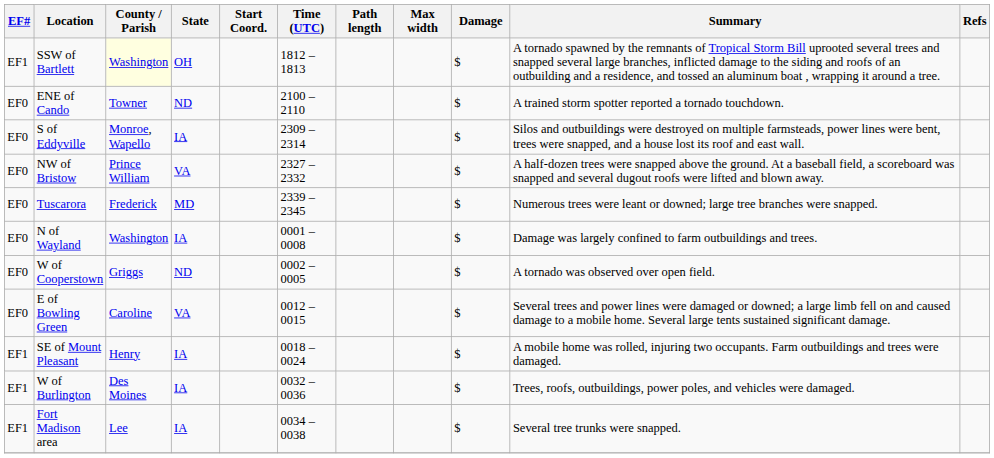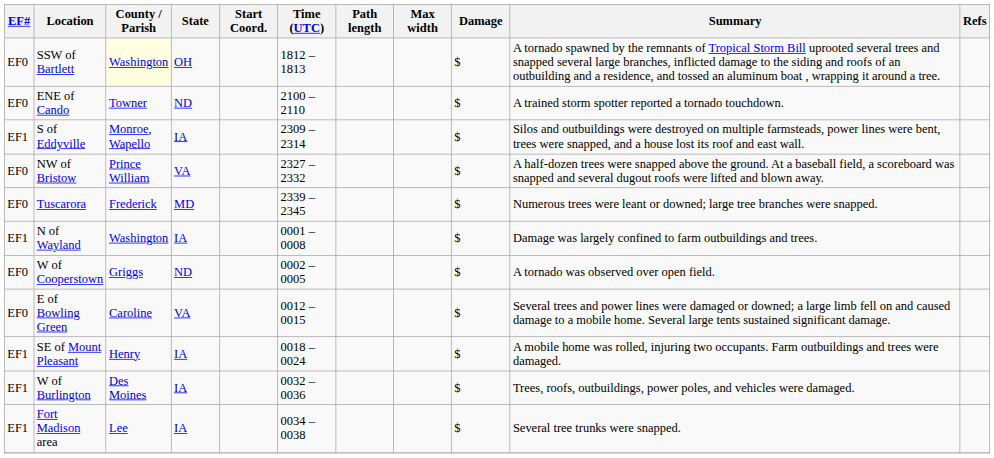 <table class="wikitable sortable" style="width:100%;">
 <tr>
 <th scope="col" width="3%" align="center"><a href='#'>EF#</a></th>
 <th scope="col" width="7%" align="center" class="unsortable">Location</th>
 <th scope="col" width="6%" align="center" class="unsortable">County / Parish</th>
 <th scope="col" width="5%" align="center">State</th>
 <th scope="col" width="6%" align="center">Start Coord.</th>
 <th scope="col" width="6%" align="center">Time (<a href='#'>UTC</a>)</th>
 <th scope="col" width="6%" align="center">Path length</th>
 <th scope="col" width="6%" align="center">Max width</th>
 <th scope="col" width="6%" align="center">Damage</th>
 <th scope="col" width="48%" class="unsortable" align="center">Summary</th>
 <th scope="col" width="48%" class="unsortable" align="center">Refs</th>
 </tr>
 <tr>
-<td>EF1</td>
+<td>EF0</td>
 <td>SSW of <a href='#'>Bartlett</a></td>
 <td style="background: lightyellow;"><a href='#'>Washington</a></td>
 <td><a href='#'>OH</a></td>
 <td></td>
 <td>1812 – 1813</td>
 <td></td>
 <td></td>
 <td>$</td>
 <td>A tornado spawned by the remnants of <a href='#'>Tropical Storm Bill</a> uprooted several trees and snapped several large branches, inflicted damage to the siding and roofs of an outbuilding and a residence, and tossed an aluminum boat , wrapping it around a tree.</td>
 <td></td>
 </tr>
 <tr>
 <td>EF0</td>
 <td>ENE of <a href='#'>Cando</a></td>
 <td><a href='#'>Towner</a></td>
 <td><a href='#'>ND</a></td>
 <td></td>
 <td>2100 – 2110</td>
 <td></td>
 <td></td>
 <td>$</td>
 <td>A trained storm spotter reported a tornado touchdown.</td>
 <td></td>
 </tr>
 <tr>
-<td>EF0</td>
+<td>EF1</td>
 <td>S of <a href='#'>Eddyville</a></td>
 <td><a href='#'>Monroe</a>, <a href='#'>Wapello</a></td>
 <td><a href='#'>IA</a></td>
 <td></td>
 <td>2309 – 2314</td>
 <td></td>
 <td></td>
 <td>$</td>
 <td>Silos and outbuildings were destroyed on multiple farmsteads, power lines were bent, trees were snapped, and a house lost its roof and east wall.</td>
 <td></td>
 </tr>
 <tr>
 <td>EF0</td>
 <td>NW of <a href='#'>Bristow</a></td>
 <td><a href='#'>Prince William</a></td>
 <td><a href='#'>VA</a></td>
 <td></td>
 <td>2327 – 2332</td>
 <td></td>
 <td></td>
 <td>$</td>
 <td>A half-dozen trees were snapped above the ground. At a baseball field, a scoreboard was snapped and several dugout roofs were lifted and blown away.</td>
 <td></td>
 </tr>
 <tr>
 <td>EF0</td>
 <td><a href='#'>Tuscarora</a></td>
 <td><a href='#'>Frederick</a></td>
 <td><a href='#'>MD</a></td>
 <td></td>
 <td>2339 – 2345</td>
 <td></td>
 <td></td>
 <td>$</td>
 <td>Numerous trees were leant or downed; large tree branches were snapped.</td>
 <td></td>
 </tr>
 <tr>
-<td>EF0</td>
+<td>EF1</td>
 <td>N of <a href='#'>Wayland</a></td>
 <td><a href='#'>Washington</a></td>
 <td><a href='#'>IA</a></td>
 <td></td>
 <td>0001 – 0008</td>
 <td></td>
 <td></td>
 <td>$</td>
 <td>Damage was largely confined to farm outbuildings and trees.</td>
 <td></td>
 </tr>
 <tr>
 <td>EF0</td>
 <td>W of <a href='#'>Cooperstown</a></td>
 <td><a href='#'>Griggs</a></td>
 <td><a href='#'>ND</a></td>
 <td></td>
 <td>0002 – 0005</td>
 <td></td>
 <td></td>
 <td>$</td>
 <td>A tornado was observed over open field.</td>
 <td></td>
 </tr>
 <tr>
 <td>EF0</td>
 <td>E of <a href='#'>Bowling Green</a></td>
 <td><a href='#'>Caroline</a></td>
 <td><a href='#'>VA</a></td>
 <td></td>
 <td>0012 – 0015</td>
 <td></td>
 <td></td>
 <td>$</td>
 <td>Several trees and power lines were damaged or downed; a large limb fell on and caused damage to a mobile home. Several large tents sustained significant damage.</td>
 <td></td>
 </tr>
 <tr>
 <td>EF1</td>
 <td>SE of <a href='#'>Mount Pleasant</a></td>
 <td><a href='#'>Henry</a></td>
 <td><a href='#'>IA</a></td>
 <td></td>
 <td>0018 – 0024</td>
 <td></td>
 <td></td>
 <td>$</td>
 <td>A mobile home was rolled, injuring two occupants. Farm outbuildings and trees were damaged.</td>
 <td></td>
 </tr>
 <tr>
 <td>EF1</td>
 <td>W of <a href='#'>Burlington</a></td>
 <td><a href='#'>Des Moines</a></td>
 <td><a href='#'>IA</a></td>
 <td></td>
 <td>0032 – 0036</td>
 <td></td>
 <td></td>
 <td>$</td>
 <td>Trees, roofs, outbuildings, power poles, and vehicles were damaged.</td>
 <td></td>
 </tr>
 <tr>
 <td>EF1</td>
 <td><a href='#'>Fort Madison</a> area</td>
 <td><a href='#'>Lee</a></td>
 <td><a href='#'>IA</a></td>
 <td></td>
 <td>0034 – 0038</td>
 <td></td>
 <td></td>
 <td>$</td>
 <td>Several tree trunks were snapped.</td>
 <td></td>
 </tr>
 <tr>
 </tr>
 </table>
